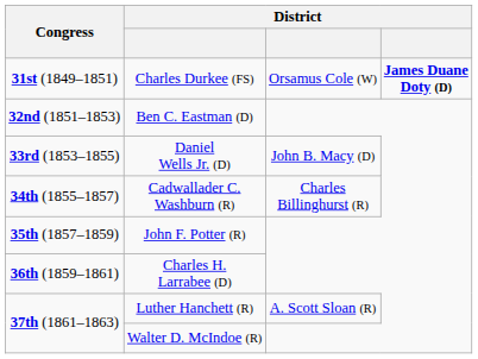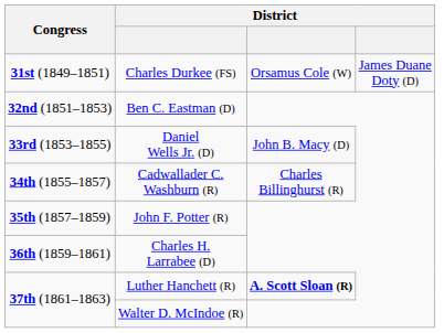 <table class=wikitable style="text-align:center">
 <tr>
 <th rowspan="2">Congress</th>
 <th colspan=3>District</th>
 </tr>
 <tr style="height:2em">
 <th></th>
 <th></th>
 <th></th>
 </tr>
 <tr style="height:2.5em">
 <td><strong><a href='#'>31st</a></strong> (1849–1851)</td>
 <td><a href='#'>Charles Durkee</a> <small>(FS)</small></td>
 <td><a href='#'>Orsamus Cole</a> <small>(W)</small></td>
-<td><strong><a href='#'>James Duane<br>Doty</a> <small>(D)</small></strong></td>
+<td><a href='#'>James Duane<br>Doty</a> <small>(D)</small></td>
 </tr>
 <tr style="height:2.5em">
 <td><strong><a href='#'>32nd</a></strong> (1851–1853)</td>
 <td><a href='#'>Ben C. Eastman</a> <small>(D)</small></td>
 </tr>
 <tr style="height:2.5em">
 <td><strong><a href='#'>33rd</a></strong> (1853–1855)</td>
 <td><a href='#'>Daniel<br>Wells Jr.</a> <small>(D)</small></td>
 <td><a href='#'>John B. Macy</a> <small>(D)</small></td>
 </tr>
 <tr style="height:2.5em">
 <td><strong><a href='#'>34th</a></strong> (1855–1857)</td>
 <td><a href='#'>Cadwallader C.<br>Washburn</a> <small>(R)</small></td>
 <td><a href='#'>Charles<br>Billinghurst</a> <small>(R)</small></td>
 </tr>
 <tr style="height:2.5em">
 <td><strong><a href='#'>35th</a></strong> (1857–1859)</td>
 <td><a href='#'>John F. Potter</a> <small>(R)</small></td>
 </tr>
 <tr style="height:2.5em">
 <td><strong><a href='#'>36th</a></strong> (1859–1861)</td>
 <td><a href='#'>Charles H.<br>Larrabee</a> <small>(D)</small></td>
 </tr>
 <tr style="height:2em">
 <td rowspan=2><strong><a href='#'>37th</a></strong> (1861–1863)</td>
 <td><a href='#'>Luther Hanchett</a> <small>(R)</small></td>
-<td><a href='#'>A. Scott Sloan</a> <small>(R)</small></td>
+<td><strong><a href='#'>A. Scott Sloan</a> <small>(R)</small></strong></td>
 </tr>
 <tr style="height:2em">
 <td><a href='#'>Walter D. McIndoe</a> <small>(R)</small></td>
 </tr>
 </table>
